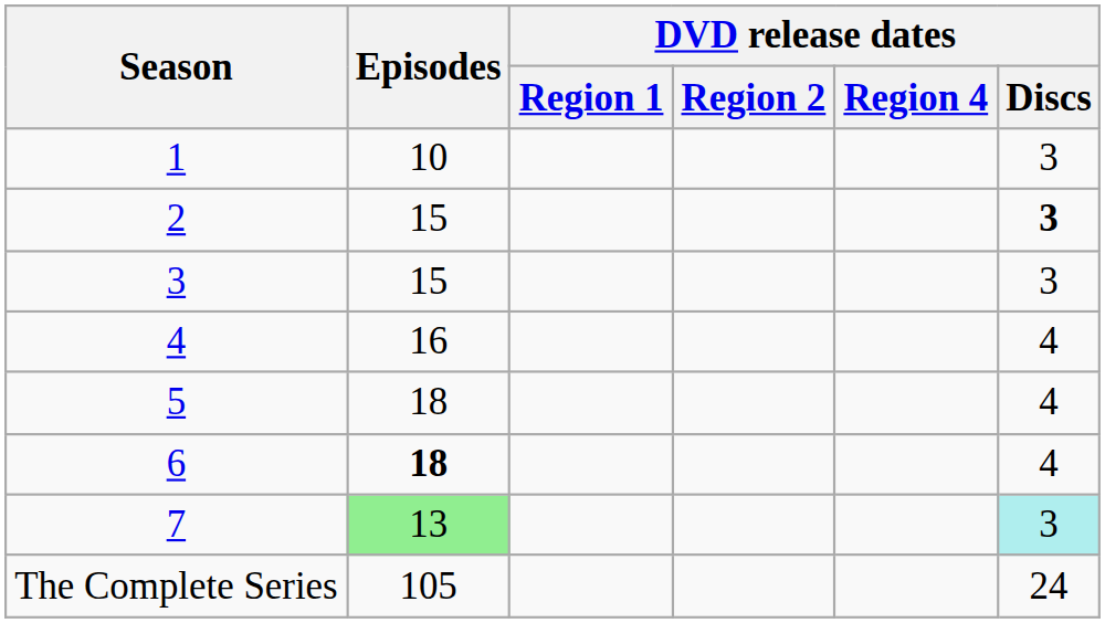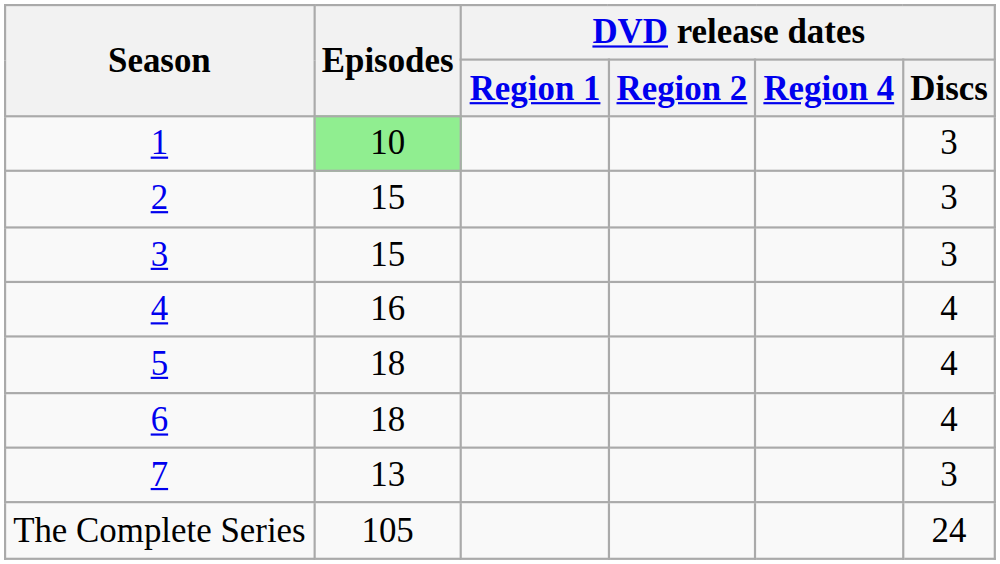 <table class="wikitable plainrowheaders" style="text-align: center;">
 <tr>
 <th rowspan="2">Season</th>
 <th rowspan="2">Episodes</th>
 <th colspan="4"><a href='#'>DVD</a> release dates</th>
 </tr>
 <tr>
 <th><a href='#'>Region 1</a></th>
 <th><a href='#'>Region 2</a></th>
 <th><a href='#'>Region 4</a></th>
 <th>Discs</th>
 </tr>
 <tr>
 <td><a href='#'>1</a></td>
-<td>10</td>
+<td style="background: lightgreen;">10</td>
 <td></td>
 <td></td>
 <td></td>
 <td>3</td>
 </tr>
 <tr>
 <td><a href='#'>2</a></td>
 <td>15</td>
 <td></td>
 <td></td>
 <td></td>
-<td><strong>3</strong></td>
+<td>3</td>
 </tr>
 <tr>
 <td><a href='#'>3</a></td>
 <td>15</td>
 <td></td>
 <td></td>
 <td></td>
 <td>3</td>
 </tr>
 <tr>
 <td><a href='#'>4</a></td>
 <td>16</td>
 <td></td>
 <td></td>
 <td></td>
 <td>4</td>
 </tr>
 <tr>
 <td><a href='#'>5</a></td>
 <td>18</td>
 <td></td>
 <td></td>
 <td></td>
 <td>4</td>
 </tr>
 <tr>
 <td><a href='#'>6</a></td>
-<td><strong>18</strong></td>
+<td>18</td>
 <td></td>
 <td></td>
 <td></td>
 <td>4</td>
 </tr>
 <tr>
 <td><a href='#'>7</a></td>
-<td style="background: lightgreen;">13</td>
+<td>13</td>
 <td></td>
 <td></td>
 <td></td>
-<td style="background: paleturquoise;">3</td>
+<td>3</td>
 </tr>
 <tr>
 <td>The Complete Series</td>
 <td>105</td>
 <td></td>
 <td></td>
 <td></td>
 <td>24</td>
 </tr>
 </table>
